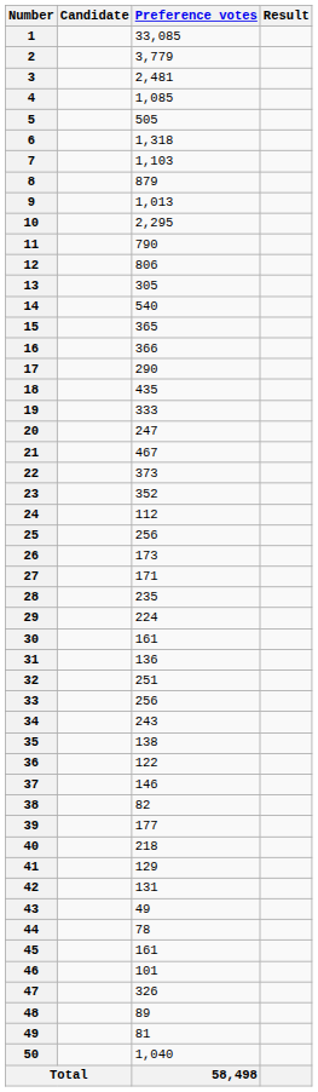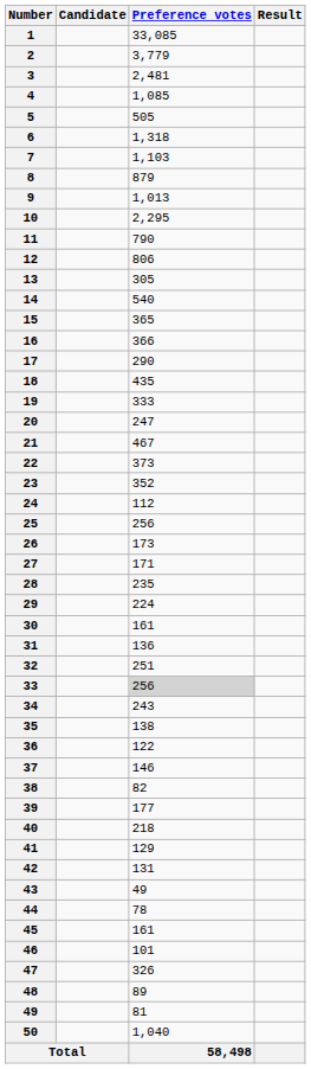 <table class="wikitable sortable" >
 <tr>
 <th scope="col">Number</th>
 <th scope="col">Candidate</th>
 <th scope="col"><a href='#'>Preference votes</a></th>
 <th scope="col">Result</th>
 </tr>
 <tr>
 <th scope="row">1</th>
 <td style="text-align:left"></td>
 <td>33,085</td>
 <td></td>
 </tr>
 <tr>
 <th scope="row">2</th>
 <td style="text-align:left"></td>
 <td>3,779</td>
 <td></td>
 </tr>
 <tr>
 <th scope="row">3</th>
 <td style="text-align:left"></td>
 <td>2,481</td>
 <td></td>
 </tr>
 <tr>
 <th scope="row">4</th>
 <td style="text-align:left"></td>
 <td>1,085</td>
 <td></td>
 </tr>
 <tr>
 <th scope="row">5</th>
 <td style="text-align:left"></td>
 <td>505</td>
 <td></td>
 </tr>
 <tr>
 <th scope="row">6</th>
 <td style="text-align:left"></td>
 <td>1,318</td>
 <td></td>
 </tr>
 <tr>
 <th scope="row">7</th>
 <td style="text-align:left"></td>
 <td>1,103</td>
 <td></td>
 </tr>
 <tr>
 <th scope="row">8</th>
 <td style="text-align:left"></td>
 <td>879</td>
 <td></td>
 </tr>
 <tr>
 <th scope="row">9</th>
 <td style="text-align:left"></td>
 <td>1,013</td>
 <td></td>
 </tr>
 <tr>
 <th scope="row">10</th>
 <td style="text-align:left"></td>
 <td>2,295</td>
 <td></td>
 </tr>
 <tr>
 <th scope="row">11</th>
 <td style="text-align:left"></td>
 <td>790</td>
 <td></td>
 </tr>
 <tr>
 <th scope="row">12</th>
 <td style="text-align:left"></td>
 <td>806</td>
 <td></td>
 </tr>
 <tr>
 <th scope="row">13</th>
 <td style="text-align:left"></td>
 <td>305</td>
 <td></td>
 </tr>
 <tr>
 <th scope="row">14</th>
 <td style="text-align:left"></td>
 <td>540</td>
 <td></td>
 </tr>
 <tr>
 <th scope="row">15</th>
 <td style="text-align:left"></td>
 <td>365</td>
 <td></td>
 </tr>
 <tr>
 <th scope="row">16</th>
 <td style="text-align:left"></td>
 <td>366</td>
 <td></td>
 </tr>
 <tr>
 <th scope="row">17</th>
 <td style="text-align:left"></td>
 <td>290</td>
 <td></td>
 </tr>
 <tr>
 <th scope="row">18</th>
 <td style="text-align:left"></td>
 <td>435</td>
 <td></td>
 </tr>
 <tr>
 <th scope="row">19</th>
 <td style="text-align:left"></td>
 <td>333</td>
 <td></td>
 </tr>
 <tr>
 <th scope="row">20</th>
 <td style="text-align:left"></td>
 <td>247</td>
 <td></td>
 </tr>
 <tr>
 <th scope="row">21</th>
 <td style="text-align:left"></td>
 <td>467</td>
 <td></td>
 </tr>
 <tr>
 <th scope="row">22</th>
 <td style="text-align:left"></td>
 <td>373</td>
 <td></td>
 </tr>
 <tr>
 <th scope="row">23</th>
 <td style="text-align:left"></td>
 <td>352</td>
 <td></td>
 </tr>
 <tr>
 <th scope="row">24</th>
 <td style="text-align:left"></td>
 <td>112</td>
 <td></td>
 </tr>
 <tr>
 <th scope="row">25</th>
 <td style="text-align:left"></td>
 <td>256</td>
 <td></td>
 </tr>
 <tr>
 <th scope="row">26</th>
 <td style="text-align:left"></td>
 <td>173</td>
 <td></td>
 </tr>
 <tr>
 <th scope="row">27</th>
 <td style="text-align:left"></td>
 <td>171</td>
 <td></td>
 </tr>
 <tr>
 <th scope="row">28</th>
 <td style="text-align:left"></td>
 <td>235</td>
 <td></td>
 </tr>
 <tr>
 <th scope="row">29</th>
 <td style="text-align:left"></td>
 <td>224</td>
 <td></td>
 </tr>
 <tr>
 <th scope="row">30</th>
 <td style="text-align:left"></td>
 <td>161</td>
 <td></td>
 </tr>
 <tr>
 <th scope="row">31</th>
 <td style="text-align:left"></td>
 <td>136</td>
 <td></td>
 </tr>
 <tr>
 <th scope="row">32</th>
 <td style="text-align:left"></td>
 <td>251</td>
 <td></td>
 </tr>
 <tr>
 <th scope="row">33</th>
 <td style="text-align:left"></td>
-<td>256</td>
+<td style="background: lightgrey;">256</td>
 <td></td>
 </tr>
 <tr>
 <th scope="row">34</th>
 <td style="text-align:left"></td>
 <td>243</td>
 <td></td>
 </tr>
 <tr>
 <th scope="row">35</th>
 <td style="text-align:left"></td>
 <td>138</td>
 <td></td>
 </tr>
 <tr>
 <th scope="row">36</th>
 <td style="text-align:left"></td>
 <td>122</td>
 <td></td>
 </tr>
 <tr>
 <th scope="row">37</th>
 <td style="text-align:left"></td>
 <td>146</td>
 <td></td>
 </tr>
 <tr>
 <th scope="row">38</th>
 <td style="text-align:left"></td>
 <td>82</td>
 <td></td>
 </tr>
 <tr>
 <th scope="row">39</th>
 <td style="text-align:left"></td>
 <td>177</td>
 <td></td>
 </tr>
 <tr>
 <th scope="row">40</th>
 <td style="text-align:left"></td>
 <td>218</td>
 <td></td>
 </tr>
 <tr>
 <th scope="row">41</th>
 <td style="text-align:left"></td>
 <td>129</td>
 <td></td>
 </tr>
 <tr>
 <th scope="row">42</th>
 <td style="text-align:left"></td>
 <td>131</td>
 <td></td>
 </tr>
 <tr>
 <th scope="row">43</th>
 <td style="text-align:left"></td>
 <td>49</td>
 <td></td>
 </tr>
 <tr>
 <th scope="row">44</th>
 <td style="text-align:left"></td>
 <td>78</td>
 <td></td>
 </tr>
 <tr>
 <th scope="row">45</th>
 <td style="text-align:left"></td>
 <td>161</td>
 <td></td>
 </tr>
 <tr>
 <th scope="row">46</th>
 <td style="text-align:left"></td>
 <td>101</td>
 <td></td>
 </tr>
 <tr>
 <th scope="row">47</th>
 <td style="text-align:left"></td>
 <td>326</td>
 <td></td>
 </tr>
 <tr>
 <th scope="row">48</th>
 <td style="text-align:left"></td>
 <td>89</td>
 <td></td>
 </tr>
 <tr>
 <th scope="row">49</th>
 <td style="text-align:left"></td>
 <td>81</td>
 <td></td>
 </tr>
 <tr>
 <th scope="row">50</th>
 <td style="text-align:left"></td>
 <td>1,040</td>
 <td></td>
 </tr>
 <tr class="sortbottom">
 <th scope="row"  colspan="2">Total</th>
 <th style="text-align:right">58,498</th>
 <th></th>
 </tr>
 </table>
